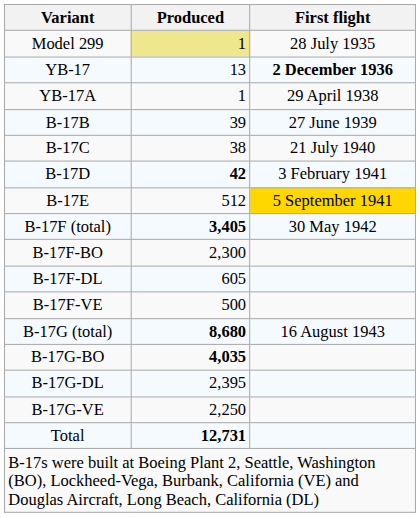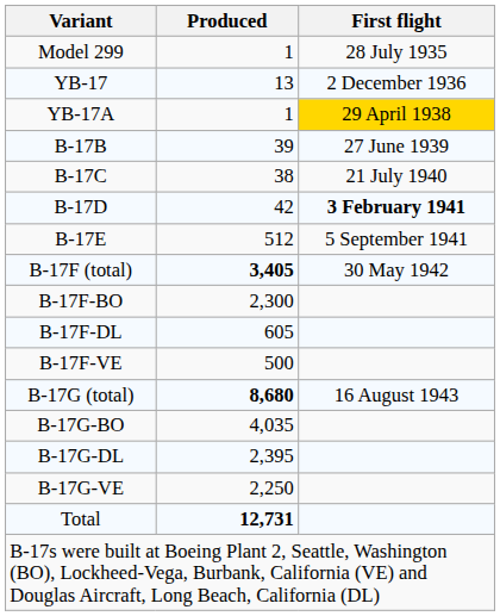 <table class="wikitable floatright" style="text-align:center; width:25em">
 <tr>
 <th>Variant</th>
 <th>Produced</th>
 <th>First flight</th>
 </tr>
 <tr>
 <td>Model 299</td>
-<td style="background: khaki; text-align:right;">1</td>
+<td style="text-align:right;">1</td>
 <td>28 July 1935</td>
 </tr>
 <tr style="background:#f5faff;">
 <td>YB-17</td>
 <td style="text-align:right;">13</td>
-<td><strong>2 December 1936</strong></td>
+<td>2 December 1936</td>
 </tr>
 <tr>
 <td>YB-17A</td>
 <td style="text-align:right;">1</td>
-<td>29 April 1938</td>
+<td style="background: gold;">29 April 1938</td>
 </tr>
 <tr style="background:#f5faff;">
 <td>B-17B</td>
 <td style="text-align:right;">39</td>
 <td>27 June 1939</td>
 </tr>
 <tr>
 <td>B-17C</td>
 <td style="text-align:right;">38</td>
 <td>21 July 1940</td>
 </tr>
 <tr style="background:#f5faff;">
 <td>B-17D</td>
-<td style="text-align:right;"><strong>42</strong></td>
-<td>3 February 1941</td>
+<td style="text-align:right;">42</td>
+<td><strong>3 February 1941</strong></td>
 </tr>
 <tr>
 <td>B-17E</td>
 <td style="text-align:right;">512</td>
-<td style="background: gold;">5 September 1941</td>
+<td>5 September 1941</td>
 </tr>
 <tr style="background:#f5faff;">
 <td>B-17F (total)</td>
 <td style="text-align:right;"><strong>3,405</strong></td>
 <td>30 May 1942</td>
 </tr>
 <tr>
 <td>B-17F-BO</td>
 <td style="text-align:right;">2,300</td>
 <td></td>
 </tr>
 <tr style="background:#f5faff;">
 <td>B-17F-DL</td>
 <td style="text-align:right;">605</td>
 <td></td>
 </tr>
 <tr>
 <td>B-17F-VE</td>
 <td style="text-align:right;">500</td>
 <td></td>
 </tr>
 <tr style="background:#f5faff;">
 <td>B-17G (total)</td>
 <td style="text-align:right;"><strong>8,680</strong></td>
 <td>16 August 1943 </td>
 </tr>
 <tr>
 <td>B-17G-BO</td>
-<td style="text-align:right;"><strong>4,035</strong></td>
+<td style="text-align:right;">4,035</td>
 <td></td>
 </tr>
 <tr style="background:#f5faff;"||>
 <td>B-17G-DL</td>
 <td style="text-align:right;">2,395</td>
 <td></td>
 </tr>
 <tr>
 <td>B-17G-VE</td>
 <td style="text-align:right;">2,250</td>
 <td></td>
 </tr>
 <tr style="background:#f5faff;">
 <td>Total</td>
 <td style="text-align:right;"><strong>12,731</strong></td>
 <td></td>
 </tr>
 <tr>
 <td colspan="3" style="text-align:left;" font-size: 70%>B-17s were built at Boeing Plant 2, Seattle, Washington (BO), Lockheed-Vega, Burbank, California (VE) and Douglas Aircraft, Long Beach, California (DL)</td>
 </tr>
 </table>
